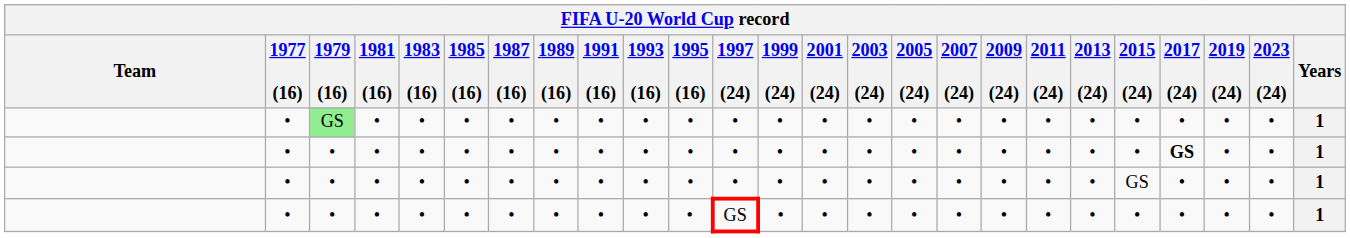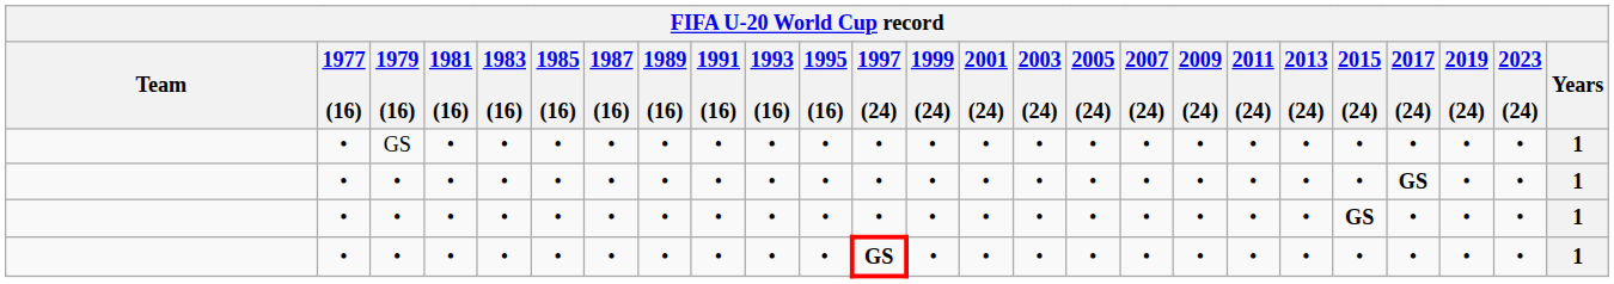 <table class="wikitable" style="text-align:center; font-size:90%">
 <tr style="background:#cccccc;" align=center>
 <th colspan=25><a href='#'>FIFA U-20 World Cup</a> record</th>
 </tr>
 <tr>
 <th width=200>Team</th>
 <th><a href='#'>1977</a><br><br>(16)</th>
 <th><a href='#'>1979</a><br><br>(16)</th>
 <th><a href='#'>1981</a><br><br>(16)</th>
 <th><a href='#'>1983</a><br><br>(16)</th>
 <th><a href='#'>1985</a><br><br>(16)</th>
 <th><a href='#'>1987</a><br><br>(16)</th>
 <th><a href='#'>1989</a><br><br>(16)</th>
 <th><a href='#'>1991</a><br><br>(16)</th>
 <th><a href='#'>1993</a><br><br>(16)</th>
 <th><a href='#'>1995</a><br><br>(16)</th>
 <th><a href='#'>1997</a><br><br>(24)</th>
 <th><a href='#'>1999</a><br><br>(24)</th>
 <th><a href='#'>2001</a><br><br>(24)</th>
 <th><a href='#'>2003</a><br><br>(24)</th>
 <th><a href='#'>2005</a><br><br>(24)</th>
 <th><a href='#'>2007</a><br><br>(24)</th>
 <th><a href='#'>2009</a><br><br>(24)</th>
 <th><a href='#'>2011</a><br><br>(24)</th>
 <th><a href='#'>2013</a><br><br>(24)</th>
 <th><a href='#'>2015</a><br><br>(24)</th>
 <th><a href='#'>2017</a><br><br>(24)</th>
 <th><a href='#'>2019</a><br><br>(24)</th>
 <th><a href='#'>2023</a><br><br>(24)</th>
 <th>Years</th>
 </tr>
 <tr>
 <td align=left></td>
 <td>•</td>
-<td style="background: lightgreen;">GS</td>
+<td>GS</td>
 <td>•</td>
 <td>•</td>
 <td>•</td>
 <td>•</td>
 <td>•</td>
 <td>•</td>
 <td>•</td>
 <td>•</td>
 <td>•</td>
 <td>•</td>
 <td>•</td>
 <td>•</td>
 <td>•</td>
 <td>•</td>
 <td>•</td>
 <td>•</td>
 <td>•</td>
 <td>•</td>
 <td>•</td>
 <td>•</td>
 <td>•</td>
 <th>1</th>
 </tr>
 <tr>
 <td align=left></td>
 <td>•</td>
 <td>•</td>
 <td>•</td>
 <td>•</td>
 <td>•</td>
 <td>•</td>
 <td>•</td>
 <td>•</td>
 <td>•</td>
 <td>•</td>
 <td>•</td>
 <td>•</td>
 <td>•</td>
 <td>•</td>
 <td>•</td>
 <td>•</td>
 <td>•</td>
 <td>•</td>
 <td>•</td>
 <td>•</td>
 <td><strong>GS</strong></td>
 <td>•</td>
 <td>•</td>
 <th>1</th>
 </tr>
 <tr>
 <td align=left></td>
 <td>•</td>
 <td>•</td>
 <td>•</td>
 <td>•</td>
 <td>•</td>
 <td>•</td>
 <td>•</td>
 <td>•</td>
 <td>•</td>
 <td>•</td>
 <td>•</td>
 <td>•</td>
 <td>•</td>
 <td>•</td>
 <td>•</td>
 <td>•</td>
 <td>•</td>
 <td>•</td>
 <td>•</td>
-<td>GS</td>
+<td><strong>GS</strong></td>
 <td>•</td>
 <td>•</td>
 <td>•</td>
 <th>1</th>
 </tr>
 <tr>
 <td align=left></td>
 <td>•</td>
 <td>•</td>
 <td>•</td>
 <td>•</td>
 <td>•</td>
 <td>•</td>
 <td>•</td>
 <td>•</td>
 <td>•</td>
 <td>•</td>
-<td style="border:3px solid red">GS</td>
+<td style="border:3px solid red"><strong>GS</strong></td>
 <td>•</td>
 <td>•</td>
 <td>•</td>
 <td>•</td>
 <td>•</td>
 <td>•</td>
 <td>•</td>
 <td>•</td>
 <td>•</td>
 <td>•</td>
 <td>•</td>
 <td>•</td>
 <th>1</th>
 </tr>
 </table>
